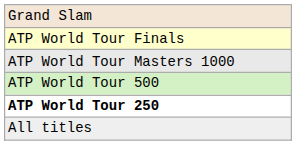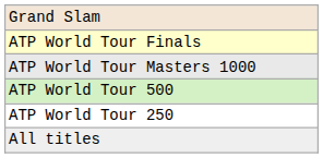 <table class="wikitable" style="font-size:89%; width:15%;">
 <tr style="background:#F3E6D7;">
 <td>Grand Slam</td>
 </tr>
 <tr style="background:#ffc;">
 <td>ATP World Tour Finals</td>
 </tr>
 <tr style="background:#E9E9E9;">
 <td>ATP World Tour Masters 1000</td>
 </tr>
 <tr style="background:#D4F1C5;">
 <td>ATP World Tour 500</td>
 </tr>
 <tr style="background:#fff;">
-<td><strong>ATP World Tour 250</strong></td>
+<td>ATP World Tour 250</td>
 </tr>
 <tr style="background:#efefef;">
 <td>All titles</td>
 </tr>
 </table>
